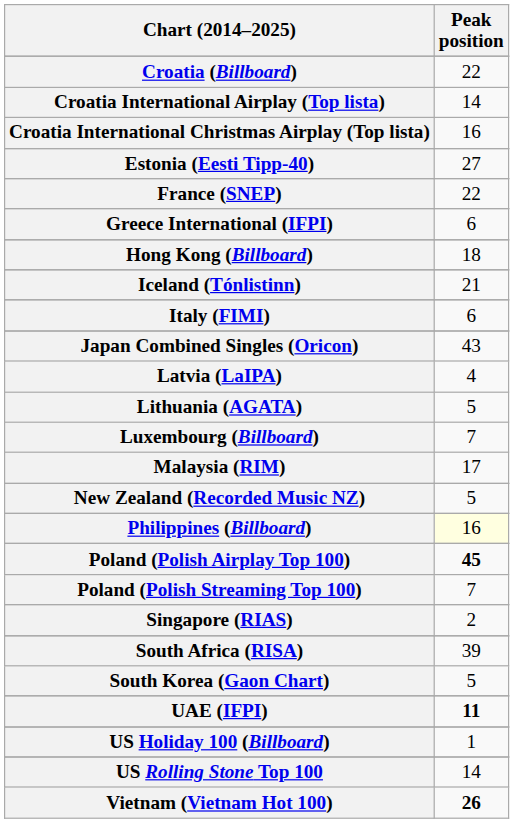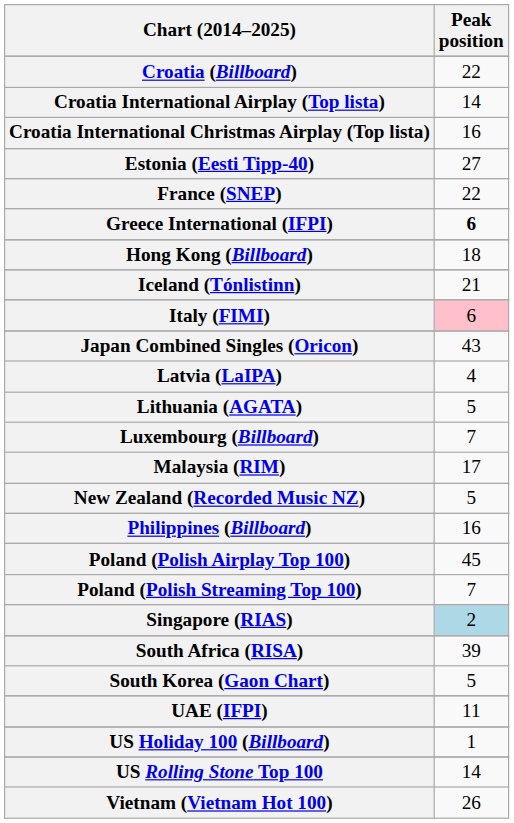 <table class="wikitable plainrowheaders sortable" style="text-align:center;">
 <tr>
 <th scope="col">Chart (2014–2025)</th>
 <th scope="col">Peak<br>position</th>
 </tr>
 <tr>
 </tr>
 <tr>
 </tr>
 <tr>
 </tr>
 <tr>
 </tr>
 <tr>
 </tr>
 <tr>
 </tr>
 <tr>
 </tr>
 <tr>
 </tr>
 <tr>
 <th scope="row"><a href='#'>Croatia</a> (<em><a href='#'>Billboard</a></em>)</th>
 <td>22</td>
 </tr>
 <tr>
 <th scope="row">Croatia International Airplay (<a href='#'>Top lista</a>)</th>
 <td>14</td>
 </tr>
 <tr>
 <th scope="row">Croatia International Christmas Airplay (Top lista)</th>
 <td>16</td>
 </tr>
 <tr>
 </tr>
 <tr>
 </tr>
 <tr>
 <th scope="row">Estonia (<a href='#'>Eesti Tipp-40</a>)</th>
 <td>27</td>
 </tr>
 <tr>
 </tr>
 <tr>
 <th scope="row">France (<a href='#'>SNEP</a>)</th>
 <td>22</td>
 </tr>
 <tr>
 </tr>
 <tr>
 <th scope="row">Greece International (<a href='#'>IFPI</a>)</th>
-<td>6</td>
+<td><strong>6</strong></td>
 </tr>
 <tr>
 </tr>
 <tr>
 <th scope="row">Hong Kong (<em><a href='#'>Billboard</a></em>)</th>
 <td>18</td>
 </tr>
 <tr>
 </tr>
 <tr>
 </tr>
 <tr>
 </tr>
 <tr>
 <th scope="row">Iceland (<a href='#'>Tónlistinn</a>)</th>
 <td>21</td>
 </tr>
 <tr>
 </tr>
 <tr>
 <th scope="row">Italy (<a href='#'>FIMI</a>)</th>
-<td>6</td>
+<td style="background: pink;">6</td>
 </tr>
 <tr>
 </tr>
 <tr>
 <th scope="row">Japan Combined Singles (<a href='#'>Oricon</a>)</th>
 <td>43</td>
 </tr>
 <tr>
 <th scope="row">Latvia (<a href='#'>LaIPA</a>)</th>
 <td>4</td>
 </tr>
 <tr>
 <th scope="row">Lithuania (<a href='#'>AGATA</a>)</th>
 <td>5</td>
 </tr>
 <tr>
 <th scope="row">Luxembourg (<em><a href='#'>Billboard</a></em>)</th>
 <td>7</td>
 </tr>
 <tr>
 <th scope="row">Malaysia (<a href='#'>RIM</a>)</th>
 <td>17</td>
 </tr>
 <tr>
 </tr>
 <tr>
 </tr>
 <tr>
 <th scope="row">New Zealand (<a href='#'>Recorded Music NZ</a>)</th>
 <td>5</td>
 </tr>
 <tr>
 </tr>
 <tr>
 <th scope="row"><a href='#'>Philippines</a> (<em><a href='#'>Billboard</a></em>)</th>
-<td style="background: lightyellow;">16</td>
+<td>16</td>
 </tr>
 <tr>
 </tr>
 <tr>
 <th scope="row">Poland (<a href='#'>Polish Airplay Top 100</a>)</th>
-<td><strong>45</strong></td>
+<td>45</td>
 </tr>
 <tr>
 <th scope="row">Poland (<a href='#'>Polish Streaming Top 100</a>)</th>
 <td>7</td>
 </tr>
 <tr>
 </tr>
 <tr>
 </tr>
 <tr>
 <th scope="row">Singapore (<a href='#'>RIAS</a>)</th>
-<td>2</td>
+<td style="background: lightblue;">2</td>
 </tr>
 <tr>
 </tr>
 <tr>
 </tr>
 <tr>
 <th scope="row">South Africa (<a href='#'>RISA</a>)</th>
 <td>39</td>
 </tr>
 <tr>
 <th scope="row">South Korea (<a href='#'>Gaon Chart</a>)</th>
 <td>5</td>
 </tr>
 <tr>
 </tr>
 <tr>
 </tr>
 <tr>
 </tr>
 <tr>
 <th scope="row">UAE (<a href='#'>IFPI</a>)</th>
-<td><strong>11</strong></td>
+<td>11</td>
 </tr>
 <tr>
 </tr>
 <tr>
 </tr>
 <tr>
 </tr>
 <tr>
 </tr>
 <tr>
 <th scope="row">US <a href='#'>Holiday 100</a> (<em><a href='#'>Billboard</a></em>)</th>
 <td>1</td>
 </tr>
 <tr>
 </tr>
 <tr>
 <th scope="row">US <a href='#'><em>Rolling Stone</em> Top 100</a></th>
 <td>14</td>
 </tr>
 <tr>
 <th scope="row">Vietnam (<a href='#'>Vietnam Hot 100</a>)</th>
-<td><strong>26</strong></td>
+<td>26</td>
 </tr>
 </table>
